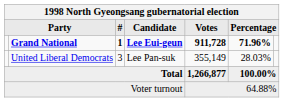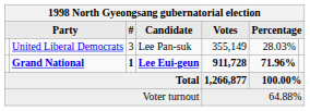 <table class="wikitable">
 <tr>
 <th colspan="7">1998 North Gyeongsang gubernatorial election</th>
 </tr>
 <tr>
 <th style="background-color:#E9E9E9" colspan=2>Party</th>
 <th style="background-color:#E9E9E9">#</th>
 <th style="background-color:#E9E9E9">Candidate</th>
 <th style="background-color:#E9E9E9">Votes</th>
 <th style="background-color:#E9E9E9" colspan=2>Percentage</th>
 </tr>
+<tr>
+<td></td>
+<td align=left><a href='#'>United Liberal Democrats</a></td>
+<td align=center>3</td>
+<td align=left>Lee Pan-suk</td>
+<td align=right>355,149</td>
+<td align=right>28.03%</td>
+<td align=right></td>
+</tr>
 <tr style="font-weight:bold">
 <td></td>
 <td align=left><a href='#'>Grand National</a></td>
 <td align=center>1</td>
 <td align=left><a href='#'>Lee Eui-geun</a></td>
 <td align=right>911,728</td>
 <td align=right>71.96%</td>
-<td align=right></td>
-</tr>
-<tr>
-<td></td>
-<td align=left><a href='#'>United Liberal Democrats</a></td>
-<td align=center>3</td>
-<td align=left>Lee Pan-suk</td>
-<td align=right>355,149</td>
-<td align=right>28.03%</td>
 <td align=right></td>
 </tr>
 <tr bgcolor="#EEEEEE" style="font-weight:bold">
 <td colspan="4" align=right>Total</td>
 <td align=right>1,266,877</td>
 <td align=right colspan=2>100.00%</td>
 </tr>
 <tr bgcolor="#EEEEEE">
 <td colspan="4" align="right">Voter turnout</td>
 <td colspan="3" align="right">64.88%</td>
 </tr>
 </table>
